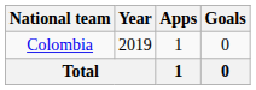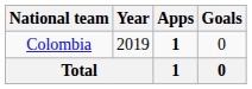 <table class="wikitable" style="text-align:center">
 <tr>
 <th>National team</th>
 <th>Year</th>
 <th>Apps</th>
 <th>Goals</th>
 </tr>
 <tr>
 <td rowspan="1"><a href='#'>Colombia</a></td>
 <td>2019</td>
-<td>1</td>
+<td><strong>1</strong></td>
 <td>0</td>
 </tr>
 <tr>
 <th colspan=2>Total</th>
 <th>1</th>
 <th>0</th>
 </tr>
 </table>
